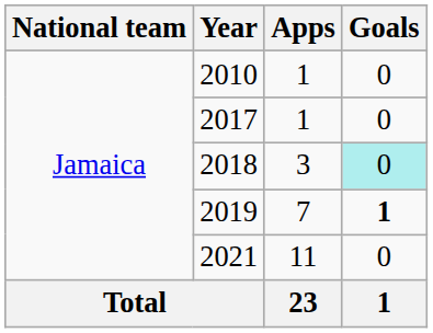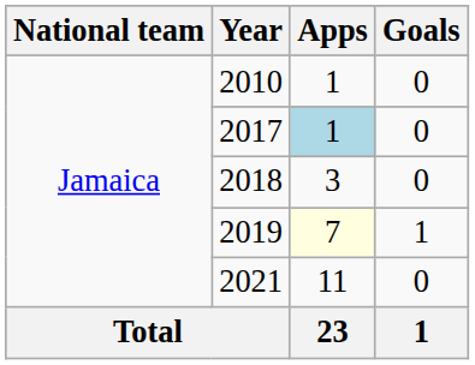 <table class="wikitable" style="text-align:center">
 <tr>
 <th>National team</th>
 <th>Year</th>
 <th>Apps</th>
 <th>Goals</th>
 </tr>
 <tr>
 <td rowspan="5"><a href='#'>Jamaica</a></td>
 <td>2010</td>
 <td>1</td>
 <td>0</td>
 </tr>
 <tr>
 <td>2017</td>
-<td>1</td>
+<td style="background: lightblue;">1</td>
 <td>0</td>
 </tr>
 <tr>
 <td>2018</td>
 <td>3</td>
-<td style="background: paleturquoise;">0</td>
+<td>0</td>
 </tr>
 <tr>
 <td>2019</td>
-<td>7</td>
-<td><strong>1</strong></td>
+<td style="background: lightyellow;">7</td>
+<td>1</td>
 </tr>
 <tr>
 <td>2021</td>
 <td>11</td>
 <td>0</td>
 </tr>
 <tr>
 <th colspan="2">Total</th>
 <th>23</th>
 <th>1</th>
 </tr>
 </table>
